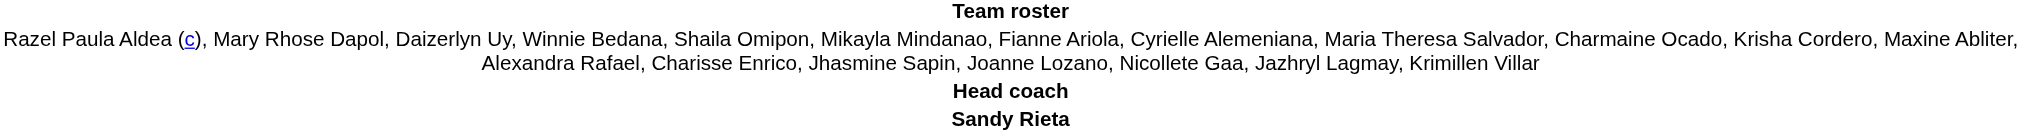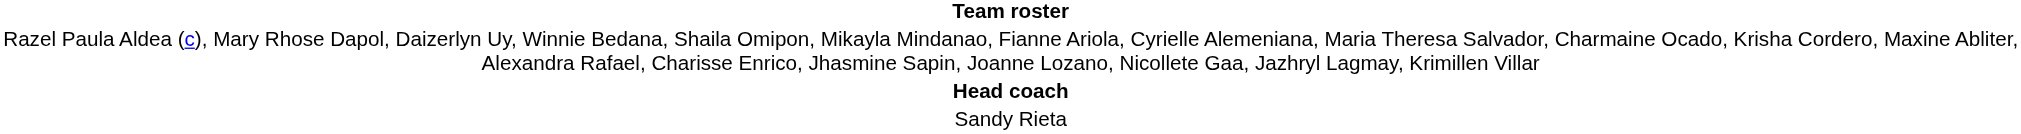 <table style="text-align:center; margin-top:2em; margin-left:auto; margin-right:auto">
 <tr>
 <td><strong>Team roster</strong></td>
 </tr>
 <tr>
 <td>Razel Paula Aldea (<a href='#'>c</a>), Mary Rhose Dapol, Daizerlyn Uy, Winnie Bedana, Shaila Omipon, Mikayla Mindanao, Fianne Ariola, Cyrielle Alemeniana, Maria Theresa Salvador, Charmaine Ocado, Krisha Cordero, Maxine Abliter, Alexandra Rafael, Charisse Enrico, Jhasmine Sapin, Joanne Lozano, Nicollete Gaa, Jazhryl Lagmay, Krimillen Villar</td>
 </tr>
 <tr>
 <td><strong>Head coach</strong></td>
 </tr>
 <tr>
-<td><strong>Sandy Rieta</strong></td>
+<td>Sandy Rieta</td>
 </tr>
 </table>
